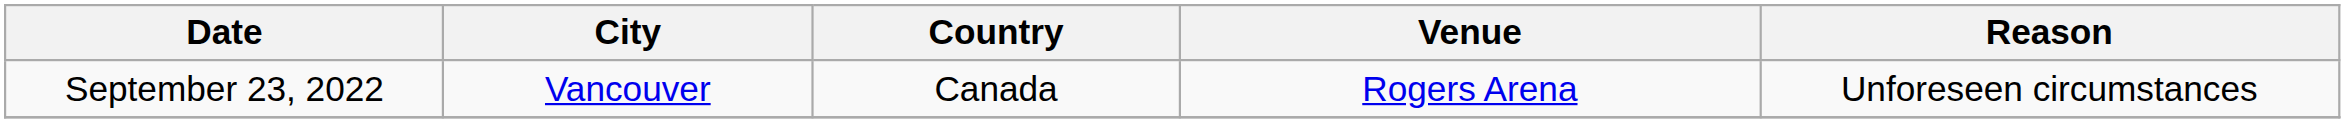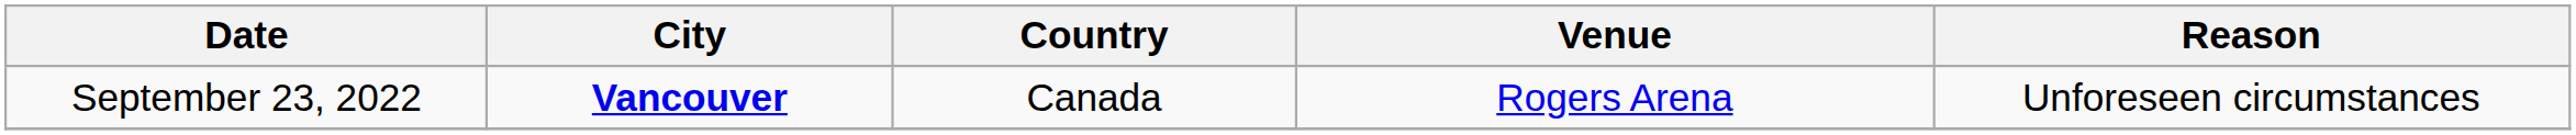 <table class="wikitable" style="text-align:center;">
 <tr>
 <th scope="col" style="width:12em;">Date</th>
 <th scope="col" style="width:10em;">City</th>
 <th scope="col" style="width:10em;">Country</th>
 <th scope="col" style="width:16em;">Venue</th>
 <th scope="col" style="width:16em;">Reason</th>
 </tr>
 <tr>
 <td>September 23, 2022</td>
-<td><a href='#'>Vancouver</a></td>
+<td><strong><a href='#'>Vancouver</a></strong></td>
 <td>Canada</td>
 <td><a href='#'>Rogers Arena</a></td>
 <td>Unforeseen circumstances</td>
 </tr>
 <tr>
 </tr>
 </table>
